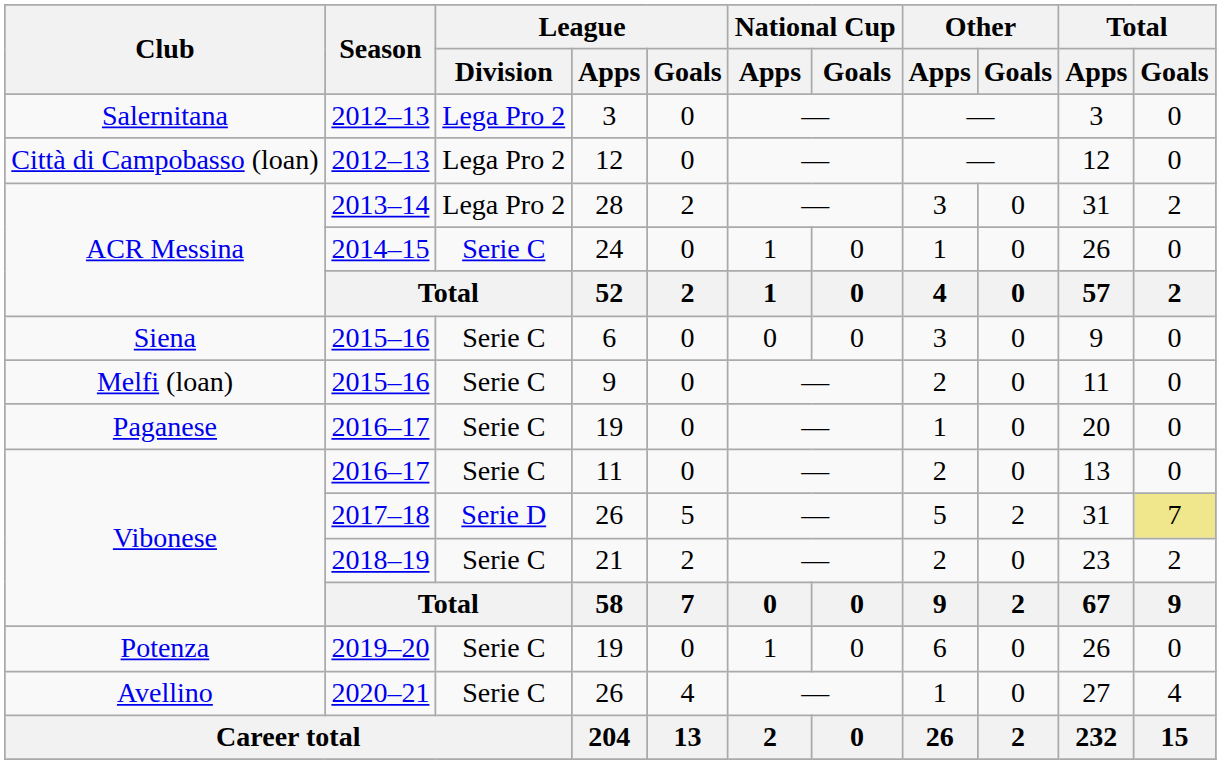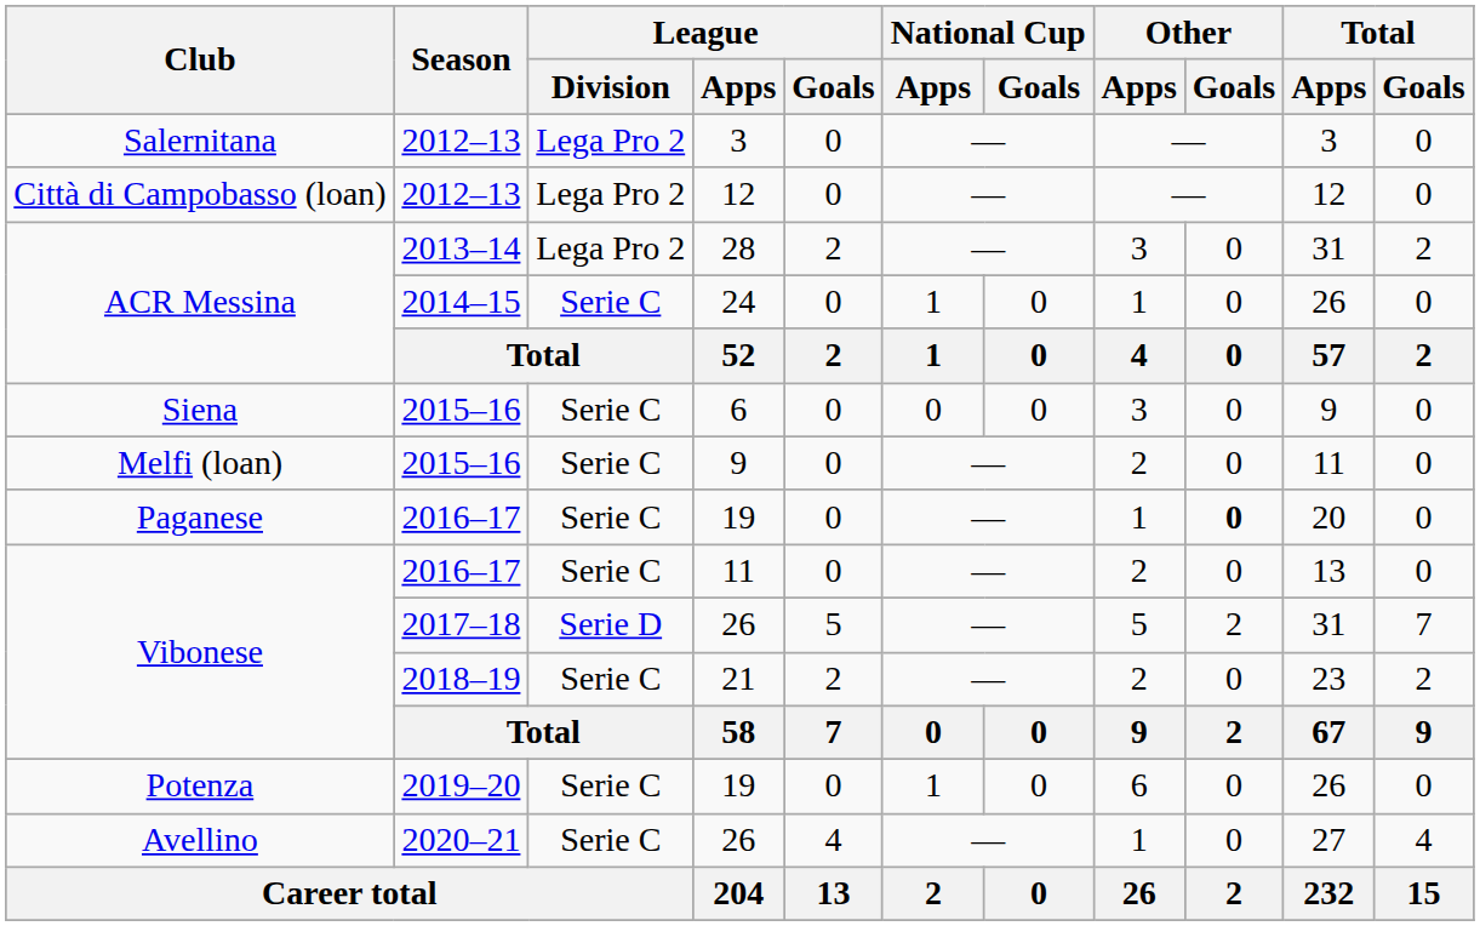 <table class="wikitable" style="text-align:center">
 <tr>
 <th rowspan="2">Club</th>
 <th rowspan="2">Season</th>
 <th colspan="3">League</th>
 <th colspan="2">National Cup</th>
 <th colspan="2">Other</th>
 <th colspan="2">Total</th>
 </tr>
 <tr>
 <th>Division</th>
 <th>Apps</th>
 <th>Goals</th>
 <th>Apps</th>
 <th>Goals</th>
 <th>Apps</th>
 <th>Goals</th>
 <th>Apps</th>
 <th>Goals</th>
 </tr>
 <tr>
 <td><a href='#'>Salernitana</a></td>
 <td><a href='#'>2012–13</a></td>
 <td><a href='#'>Lega Pro 2</a></td>
 <td>3</td>
 <td>0</td>
 <td colspan="2">—</td>
 <td colspan="2">—</td>
 <td>3</td>
 <td>0</td>
 </tr>
 <tr>
 <td><a href='#'>Città di Campobasso</a> (loan)</td>
 <td><a href='#'>2012–13</a></td>
 <td>Lega Pro 2</td>
 <td>12</td>
 <td>0</td>
 <td colspan="2">—</td>
 <td colspan="2">—</td>
 <td>12</td>
 <td>0</td>
 </tr>
 <tr>
 <td rowspan="3"><a href='#'>ACR Messina</a></td>
 <td><a href='#'>2013–14</a></td>
 <td>Lega Pro 2</td>
 <td>28</td>
 <td>2</td>
 <td colspan="2">—</td>
 <td>3</td>
 <td>0</td>
 <td>31</td>
 <td>2</td>
 </tr>
 <tr>
 <td><a href='#'>2014–15</a></td>
 <td><a href='#'>Serie C</a></td>
 <td>24</td>
 <td>0</td>
 <td>1</td>
 <td>0</td>
 <td>1</td>
 <td>0</td>
 <td>26</td>
 <td>0</td>
 </tr>
 <tr>
 <th colspan="2">Total</th>
 <th>52</th>
 <th>2</th>
 <th>1</th>
 <th>0</th>
 <th>4</th>
 <th>0</th>
 <th>57</th>
 <th>2</th>
 </tr>
 <tr>
 <td><a href='#'>Siena</a></td>
 <td><a href='#'>2015–16</a></td>
 <td>Serie C</td>
 <td>6</td>
 <td>0</td>
 <td>0</td>
 <td>0</td>
 <td>3</td>
 <td>0</td>
 <td>9</td>
 <td>0</td>
 </tr>
 <tr>
 <td><a href='#'>Melfi</a> (loan)</td>
 <td><a href='#'>2015–16</a></td>
 <td>Serie C</td>
 <td>9</td>
 <td>0</td>
 <td colspan="2">—</td>
 <td>2</td>
 <td>0</td>
 <td>11</td>
 <td>0</td>
 </tr>
 <tr>
 <td><a href='#'>Paganese</a></td>
 <td><a href='#'>2016–17</a></td>
 <td>Serie C</td>
 <td>19</td>
 <td>0</td>
 <td colspan="2">—</td>
 <td>1</td>
-<td>0</td>
+<td><strong>0</strong></td>
 <td>20</td>
 <td>0</td>
 </tr>
 <tr>
 <td rowspan="4"><a href='#'>Vibonese</a></td>
 <td><a href='#'>2016–17</a></td>
 <td>Serie C</td>
 <td>11</td>
 <td>0</td>
 <td colspan="2">—</td>
 <td>2</td>
 <td>0</td>
 <td>13</td>
 <td>0</td>
 </tr>
 <tr>
 <td><a href='#'>2017–18</a></td>
 <td><a href='#'>Serie D</a></td>
 <td>26</td>
 <td>5</td>
 <td colspan="2">—</td>
 <td>5</td>
 <td>2</td>
 <td>31</td>
-<td style="background: khaki;">7</td>
+<td>7</td>
 </tr>
 <tr>
 <td><a href='#'>2018–19</a></td>
 <td>Serie C</td>
 <td>21</td>
 <td>2</td>
 <td colspan="2">—</td>
 <td>2</td>
 <td>0</td>
 <td>23</td>
 <td>2</td>
 </tr>
 <tr>
 <th colspan="2">Total</th>
 <th>58</th>
 <th>7</th>
 <th>0</th>
 <th>0</th>
 <th>9</th>
 <th>2</th>
 <th>67</th>
 <th>9</th>
 </tr>
 <tr>
 <td><a href='#'>Potenza</a></td>
 <td><a href='#'>2019–20</a></td>
 <td>Serie C</td>
 <td>19</td>
 <td>0</td>
 <td>1</td>
 <td>0</td>
 <td>6</td>
 <td>0</td>
 <td>26</td>
 <td>0</td>
 </tr>
 <tr>
 <td><a href='#'>Avellino</a></td>
 <td><a href='#'>2020–21</a></td>
 <td>Serie C</td>
 <td>26</td>
 <td>4</td>
 <td colspan="2">—</td>
 <td>1</td>
 <td>0</td>
 <td>27</td>
 <td>4</td>
 </tr>
 <tr>
 <th colspan="3">Career total</th>
 <th>204</th>
 <th>13</th>
 <th>2</th>
 <th>0</th>
 <th>26</th>
 <th>2</th>
 <th>232</th>
 <th>15</th>
 </tr>
 </table>
